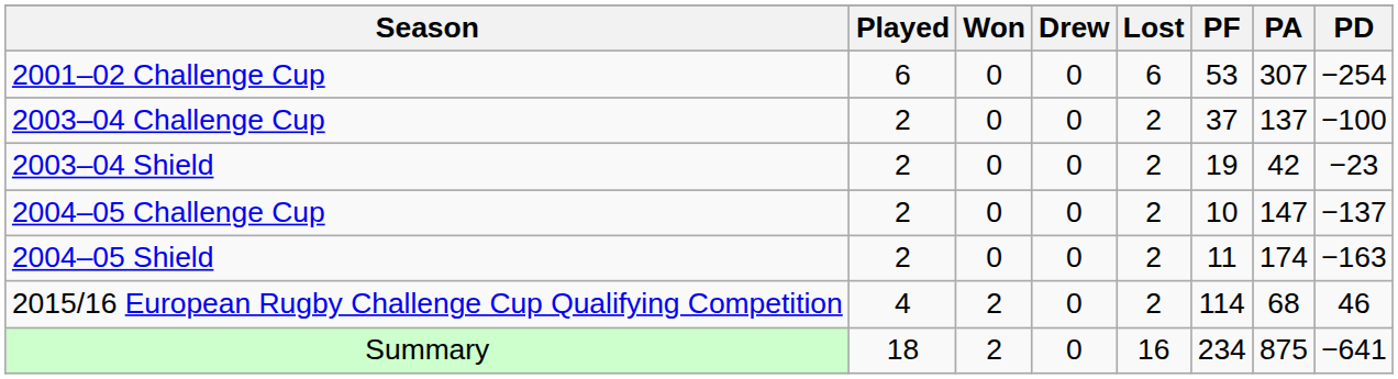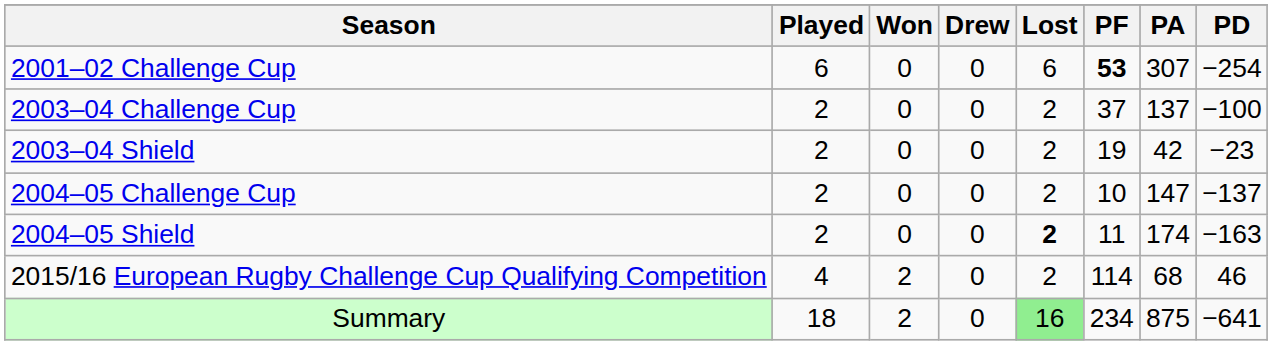 <table class="wikitable" style="text-align:center">
 <tr style="background-color:#bbebff">
 </tr>
 <tr>
 <th>Season</th>
 <th>Played</th>
 <th>Won</th>
 <th>Drew</th>
 <th>Lost</th>
 <th>PF</th>
 <th>PA</th>
 <th>PD</th>
 </tr>
 <tr>
 <td align=left><a href='#'>2001–02 Challenge Cup</a></td>
 <td>6</td>
 <td>0</td>
 <td>0</td>
 <td>6</td>
-<td>53</td>
+<td><strong>53</strong></td>
 <td>307</td>
 <td>−254</td>
 </tr>
 <tr>
 <td align=left><a href='#'>2003–04 Challenge Cup</a></td>
 <td>2</td>
 <td>0</td>
 <td>0</td>
 <td>2</td>
 <td>37</td>
 <td>137</td>
 <td>−100</td>
 </tr>
 <tr>
 <td align=left><a href='#'>2003–04 Shield</a></td>
 <td>2</td>
 <td>0</td>
 <td>0</td>
 <td>2</td>
 <td>19</td>
 <td>42</td>
 <td>−23</td>
 </tr>
 <tr>
 <td align=left><a href='#'>2004–05 Challenge Cup</a></td>
 <td>2</td>
 <td>0</td>
 <td>0</td>
 <td>2</td>
 <td>10</td>
 <td>147</td>
 <td>−137</td>
 </tr>
 <tr>
 <td align=left><a href='#'>2004–05 Shield</a></td>
 <td>2</td>
 <td>0</td>
 <td>0</td>
-<td>2</td>
+<td><strong>2</strong></td>
 <td>11</td>
 <td>174</td>
 <td>−163</td>
 </tr>
 <tr>
 <td align=left>2015/16 <a href='#'>European Rugby Challenge Cup Qualifying Competition</a></td>
 <td>4</td>
 <td>2</td>
 <td>0</td>
 <td>2</td>
 <td>114</td>
 <td>68</td>
 <td>46</td>
 </tr>
 <tr>
 <td style="background-color:#ccffcc">Summary</td>
 <td>18</td>
 <td>2</td>
 <td>0</td>
-<td>16</td>
+<td style="background: lightgreen;">16</td>
 <td>234</td>
 <td>875</td>
 <td>−641</td>
 </tr>
 </table>
